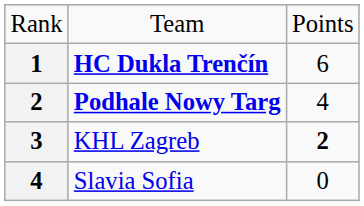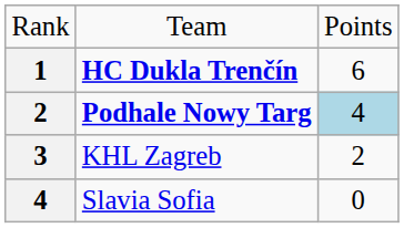 <table class="wikitable" style="text-align: center;">
 <tr>
 <td>Rank</td>
 <td>Team</td>
 <td>Points</td>
 </tr>
 <tr>
 <th>1</th>
 <td style="text-align: left;"> <strong><a href='#'>HC Dukla Trenčín</a></strong></td>
 <td>6</td>
 </tr>
 <tr>
 <th>2</th>
 <td style="text-align: left;"> <strong><a href='#'>Podhale Nowy Targ</a></strong></td>
-<td>4</td>
+<td style="background: lightblue;">4</td>
 </tr>
 <tr>
 <th>3</th>
 <td style="text-align: left;"> <a href='#'>KHL Zagreb</a></td>
-<td><strong>2</strong></td>
+<td>2</td>
 </tr>
 <tr>
 <th>4</th>
 <td style="text-align: left;"> <a href='#'>Slavia Sofia</a></td>
 <td>0</td>
 </tr>
 </table>
